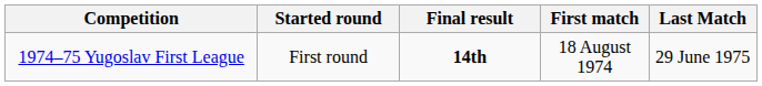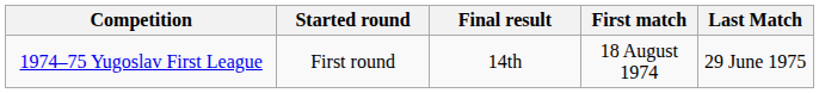 <table class="wikitable" style="text-align: center;">
 <tr>
 <th width="220">Competition</th>
 <th width="120">Started round</th>
 <th width="120">Final result</th>
 <th width="90">First match</th>
 <th width="90">Last Match</th>
 </tr>
 <tr>
 <td><a href='#'>1974–75 Yugoslav First League</a></td>
 <td>First round</td>
-<td><strong>14th</strong></td>
+<td>14th</td>
 <td>18 August 1974</td>
 <td>29 June 1975</td>
 </tr>
 <tr>
 </tr>
 </table>
